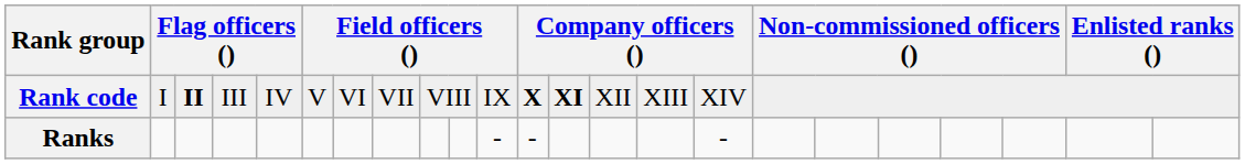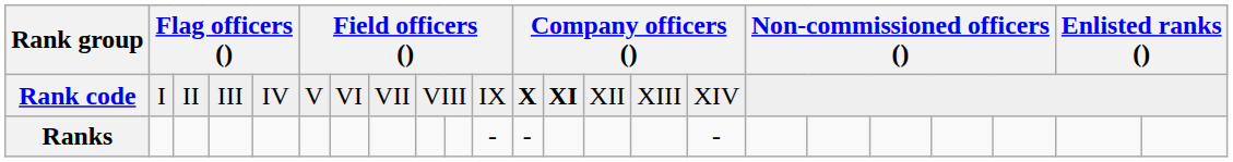 <table class="wikitable">
 <tr align="center" style="background:#cfcfcf;">
 <th>Rank group</th>
 <th colspan=4><a href='#'>Flag officers</a><br>()</th>
 <th colspan=6><a href='#'>Field officers</a><br>()</th>
 <th colspan=5><a href='#'>Company officers</a><br>()</th>
 <th colspan=5><a href='#'>Non-commissioned officers</a><br>()</th>
 <th colspan=2><a href='#'>Enlisted ranks</a><br>()</th>
 </tr>
 <tr style="background:#efefef;text-align:center;">
 <th colspan=1><a href='#'>Rank code</a></th>
 <td colspan=1>I</td>
-<td colspan=1><strong>II</strong></td>
+<td colspan=1>II</td>
 <td colspan=1>III</td>
 <td colspan=1>IV</td>
 <td colspan=1>V</td>
 <td colspan=1>VI</td>
 <td colspan=1>VII</td>
 <td colspan=2>VIII</td>
 <td colspan=1>IX</td>
 <td colspan=1><strong>X</strong></td>
 <td colspan=1><strong>XI</strong></td>
 <td colspan=1>XII</td>
 <td colspan=1>XIII</td>
 <td colspan=1>XIV</td>
 <td colspan=8></td>
 </tr>
 <tr align="center">
 <th>Ranks</th>
 <td><br></td>
 <td><br></td>
 <td><br></td>
 <td><br></td>
 <td><br></td>
 <td><br></td>
 <td><br></td>
 <td><br></td>
 <td><br></td>
 <td>-</td>
 <td>-</td>
 <td><br></td>
 <td><br></td>
 <td><br></td>
 <td>-</td>
 <td><br></td>
 <td><br></td>
 <td><br></td>
 <td><br></td>
 <td><br></td>
 <td><br></td>
 <td><br></td>
 </tr>
 </table>
